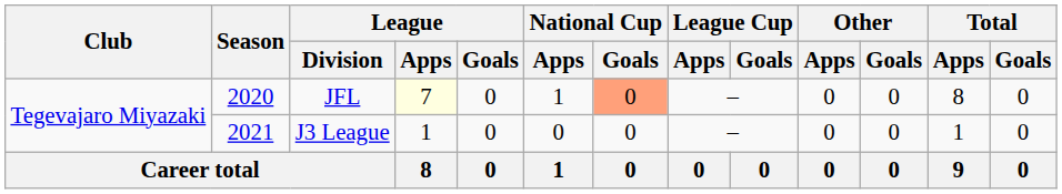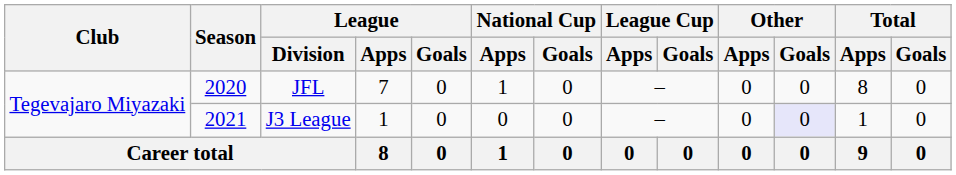 <table class="wikitable" style="text-align: center">
 <tr>
 <th rowspan="2">Club</th>
 <th rowspan="2">Season</th>
 <th colspan="3">League</th>
 <th colspan="2">National Cup</th>
 <th colspan="2">League Cup</th>
 <th colspan="2">Other</th>
 <th colspan="2">Total</th>
 </tr>
 <tr>
 <th>Division</th>
 <th>Apps</th>
 <th>Goals</th>
 <th>Apps</th>
 <th>Goals</th>
 <th>Apps</th>
 <th>Goals</th>
 <th>Apps</th>
 <th>Goals</th>
 <th>Apps</th>
 <th>Goals</th>
 </tr>
 <tr>
 <td rowspan="2"><a href='#'>Tegevajaro Miyazaki</a></td>
 <td><a href='#'>2020</a></td>
 <td><a href='#'>JFL</a></td>
-<td style="background: lightyellow;">7</td>
+<td>7</td>
 <td>0</td>
 <td>1</td>
-<td style="background: lightsalmon;">0</td>
+<td>0</td>
 <td colspan="2">–</td>
 <td>0</td>
 <td>0</td>
 <td>8</td>
 <td>0</td>
 </tr>
 <tr>
 <td><a href='#'>2021</a></td>
 <td><a href='#'>J3 League</a></td>
 <td>1</td>
 <td>0</td>
 <td>0</td>
 <td>0</td>
 <td colspan="2">–</td>
 <td>0</td>
-<td>0</td>
+<td style="background: lavender;">0</td>
 <td>1</td>
 <td>0</td>
 </tr>
 <tr>
 <th colspan=3>Career total</th>
 <th>8</th>
 <th>0</th>
 <th>1</th>
 <th>0</th>
 <th>0</th>
 <th>0</th>
 <th>0</th>
 <th>0</th>
 <th>9</th>
 <th>0</th>
 </tr>
 </table>
